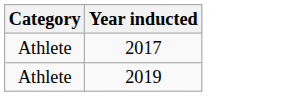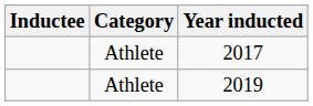 <table class="wikitable sortable" style="text-align:center;">
 <tr>
+<th>Inductee</th>
 <th>Category</th>
 <th>Year inducted</th>
 </tr>
 <tr>
+<td align=left></td>
 <td>Athlete</td>
 <td>2017</td>
 </tr>
 <tr>
+<td align=left></td>
 <td>Athlete</td>
 <td>2019</td>
 </tr>
 </table>
